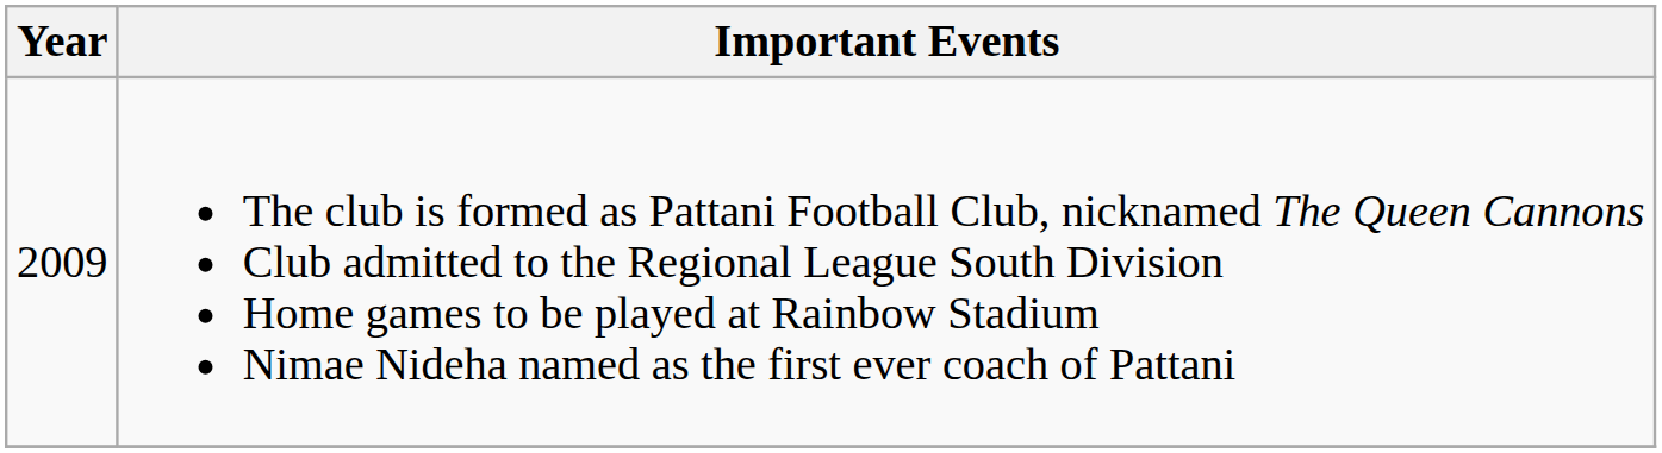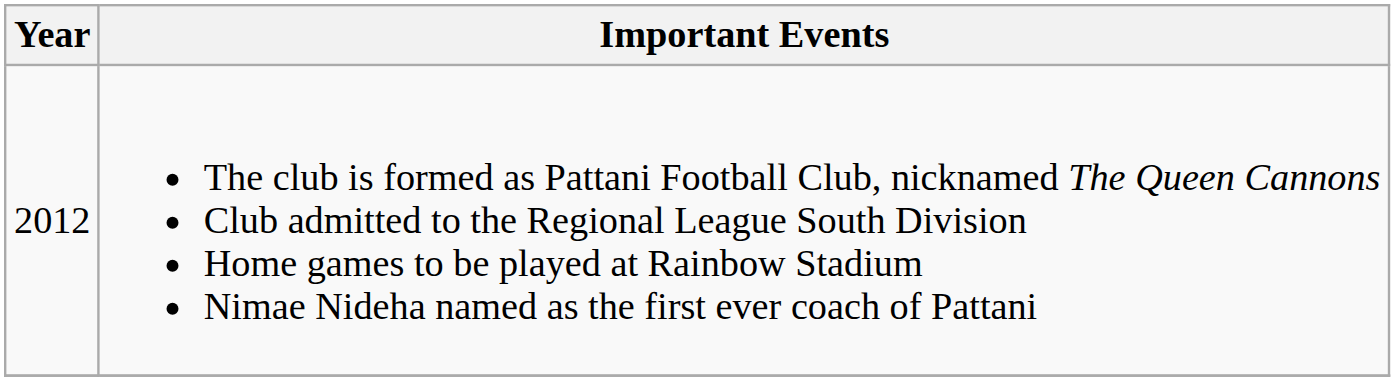 <table class="wikitable">
 <tr>
 <th>Year</th>
 <th>Important Events</th>
 </tr>
 <tr>
-<td>2009</td>
+<td>2012</td>
 <td><br><ul><li>The club is formed as Pattani Football Club, nicknamed <em>The Queen Cannons</em></li><li>Club admitted to the Regional League South Division</li><li>Home games to be played at Rainbow Stadium</li><li>Nimae Nideha named as the first ever coach of Pattani</li></ul></td>
 </tr>
 <tr>
 </tr>
 </table>
